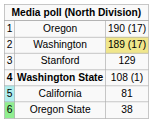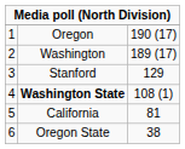 <table class="wikitable" style="display: inline-table;">
 <tr>
 <td align="center" Colspan="3"><strong>Media poll (North Division)</strong></td>
 </tr>
 <tr align="center">
 </tr>
 <tr align="center">
 <td>1</td>
 <td>Oregon</td>
 <td>190 (17)</td>
 </tr>
 <tr align="center">
 <td>2</td>
 <td>Washington</td>
-<td style="background: khaki;">189 (17)</td>
+<td>189 (17)</td>
 </tr>
 <tr align="center">
 <td>3</td>
 <td>Stanford</td>
 <td>129</td>
 </tr>
 <tr align="center">
-<td><strong>4</strong></td>
+<td>4</td>
 <td><strong>Washington State</strong></td>
 <td>108 (1)</td>
 </tr>
 <tr align="center">
-<td style="background: paleturquoise;">5</td>
+<td>5</td>
 <td>California</td>
 <td>81</td>
 </tr>
 <tr align="center">
-<td style="background: lightgreen;">6</td>
+<td>6</td>
 <td>Oregon State</td>
 <td>38</td>
 </tr>
 </table>
